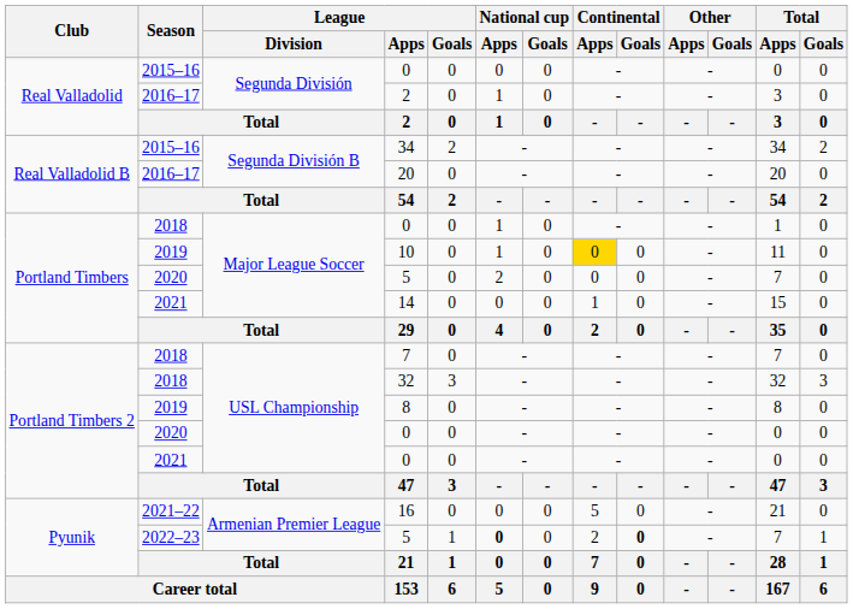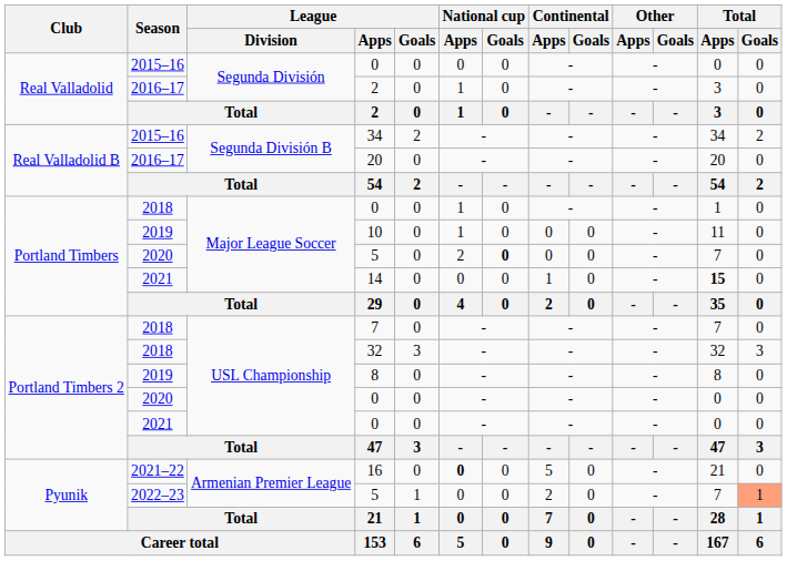 <table class="wikitable" style="text-align: center">
 <tr>
 <th rowspan="2">Club</th>
 <th rowspan="2">Season</th>
 <th colspan="3">League</th>
 <th colspan="2">National cup</th>
 <th colspan="2">Continental</th>
 <th colspan="2">Other</th>
 <th colspan="2">Total</th>
 </tr>
 <tr>
 <th>Division</th>
 <th>Apps</th>
 <th>Goals</th>
 <th>Apps</th>
 <th>Goals</th>
 <th>Apps</th>
 <th>Goals</th>
 <th>Apps</th>
 <th>Goals</th>
 <th>Apps</th>
 <th>Goals</th>
 </tr>
 <tr>
 <td rowspan="3"><a href='#'>Real Valladolid</a></td>
 <td><a href='#'>2015–16</a></td>
 <td rowspan="2"><a href='#'>Segunda División</a></td>
 <td>0</td>
 <td>0</td>
 <td>0</td>
 <td>0</td>
 <td colspan="2">-</td>
 <td colspan="2">-</td>
 <td>0</td>
 <td>0</td>
 </tr>
 <tr>
 <td><a href='#'>2016–17</a></td>
 <td>2</td>
 <td>0</td>
 <td>1</td>
 <td>0</td>
 <td colspan="2">-</td>
 <td colspan="2">-</td>
 <td>3</td>
 <td>0</td>
 </tr>
 <tr>
 <th colspan="2">Total</th>
 <th>2</th>
 <th>0</th>
 <th>1</th>
 <th>0</th>
 <th>-</th>
 <th>-</th>
 <th>-</th>
 <th>-</th>
 <th>3</th>
 <th>0</th>
 </tr>
 <tr>
 <td rowspan="3"><a href='#'>Real Valladolid B</a></td>
 <td><a href='#'>2015–16</a></td>
 <td rowspan="2"><a href='#'>Segunda División B</a></td>
 <td>34</td>
 <td>2</td>
 <td colspan="2">-</td>
 <td colspan="2">-</td>
 <td colspan="2">-</td>
 <td>34</td>
 <td>2</td>
 </tr>
 <tr>
 <td><a href='#'>2016–17</a></td>
 <td>20</td>
 <td>0</td>
 <td colspan="2">-</td>
 <td colspan="2">-</td>
 <td colspan="2">-</td>
 <td>20</td>
 <td>0</td>
 </tr>
 <tr>
 <th colspan="2">Total</th>
 <th>54</th>
 <th>2</th>
 <th>-</th>
 <th>-</th>
 <th>-</th>
 <th>-</th>
 <th>-</th>
 <th>-</th>
 <th>54</th>
 <th>2</th>
 </tr>
 <tr>
 <td rowspan="5"><a href='#'>Portland Timbers</a></td>
 <td><a href='#'>2018</a></td>
 <td rowspan="4"><a href='#'>Major League Soccer</a></td>
 <td>0</td>
 <td>0</td>
 <td>1</td>
 <td>0</td>
 <td colspan="2">-</td>
 <td colspan="2">-</td>
 <td>1</td>
 <td>0</td>
 </tr>
 <tr>
 <td><a href='#'>2019</a></td>
 <td>10</td>
 <td>0</td>
 <td>1</td>
 <td>0</td>
-<td style="background: gold;">0</td>
+<td>0</td>
 <td>0</td>
 <td colspan="2">-</td>
 <td>11</td>
 <td>0</td>
 </tr>
 <tr>
 <td><a href='#'>2020</a></td>
 <td>5</td>
 <td>0</td>
 <td>2</td>
-<td>0</td>
+<td><strong>0</strong></td>
 <td>0</td>
 <td>0</td>
 <td colspan="2">-</td>
 <td>7</td>
 <td>0</td>
 </tr>
 <tr>
 <td><a href='#'>2021</a></td>
 <td>14</td>
 <td>0</td>
 <td>0</td>
 <td>0</td>
 <td>1</td>
 <td>0</td>
 <td colspan="2">-</td>
-<td>15</td>
+<td><strong>15</strong></td>
 <td>0</td>
 </tr>
 <tr>
 <th colspan="2">Total</th>
 <th>29</th>
 <th>0</th>
 <th>4</th>
 <th>0</th>
 <th>2</th>
 <th>0</th>
 <th>-</th>
 <th>-</th>
 <th>35</th>
 <th>0</th>
 </tr>
 <tr>
 <td rowspan="6"><a href='#'>Portland Timbers 2</a></td>
 <td><a href='#'>2018</a></td>
 <td rowspan="5"><a href='#'>USL Championship</a></td>
 <td>7</td>
 <td>0</td>
 <td colspan="2">-</td>
 <td colspan="2">-</td>
 <td colspan="2">-</td>
 <td>7</td>
 <td>0</td>
 </tr>
 <tr>
 <td><a href='#'>2018</a></td>
 <td>32</td>
 <td>3</td>
 <td colspan="2">-</td>
 <td colspan="2">-</td>
 <td colspan="2">-</td>
 <td>32</td>
 <td>3</td>
 </tr>
 <tr>
 <td><a href='#'>2019</a></td>
 <td>8</td>
 <td>0</td>
 <td colspan="2">-</td>
 <td colspan="2">-</td>
 <td colspan="2">-</td>
 <td>8</td>
 <td>0</td>
 </tr>
 <tr>
 <td><a href='#'>2020</a></td>
 <td>0</td>
 <td>0</td>
 <td colspan="2">-</td>
 <td colspan="2">-</td>
 <td colspan="2">-</td>
 <td>0</td>
 <td>0</td>
 </tr>
 <tr>
 <td><a href='#'>2021</a></td>
 <td>0</td>
 <td>0</td>
 <td colspan="2">-</td>
 <td colspan="2">-</td>
 <td colspan="2">-</td>
 <td>0</td>
 <td>0</td>
 </tr>
 <tr>
 <th colspan="2">Total</th>
 <th>47</th>
 <th>3</th>
 <th>-</th>
 <th>-</th>
 <th>-</th>
 <th>-</th>
 <th>-</th>
 <th>-</th>
 <th>47</th>
 <th>3</th>
 </tr>
 <tr>
 <td rowspan="3"><a href='#'>Pyunik</a></td>
 <td><a href='#'>2021–22</a></td>
 <td rowspan="2"><a href='#'>Armenian Premier League</a></td>
 <td>16</td>
 <td>0</td>
-<td>0</td>
+<td><strong>0</strong></td>
 <td>0</td>
 <td>5</td>
 <td>0</td>
 <td colspan="2">-</td>
 <td>21</td>
 <td>0</td>
 </tr>
 <tr>
 <td><a href='#'>2022–23</a></td>
 <td>5</td>
 <td>1</td>
-<td><strong>0</strong></td>
+<td>0</td>
 <td>0</td>
 <td>2</td>
-<td><strong>0</strong></td>
+<td>0</td>
 <td colspan="2">-</td>
 <td>7</td>
-<td>1</td>
+<td style="background: lightsalmon;">1</td>
 </tr>
 <tr>
 <th colspan="2">Total</th>
 <th>21</th>
 <th>1</th>
 <th>0</th>
 <th>0</th>
 <th>7</th>
 <th>0</th>
 <th>-</th>
 <th>-</th>
 <th>28</th>
 <th>1</th>
 </tr>
 <tr>
 <th colspan="3">Career total</th>
 <th>153</th>
 <th>6</th>
 <th>5</th>
 <th>0</th>
 <th>9</th>
 <th>0</th>
 <th>-</th>
 <th>-</th>
 <th>167</th>
 <th>6</th>
 </tr>
 </table>
